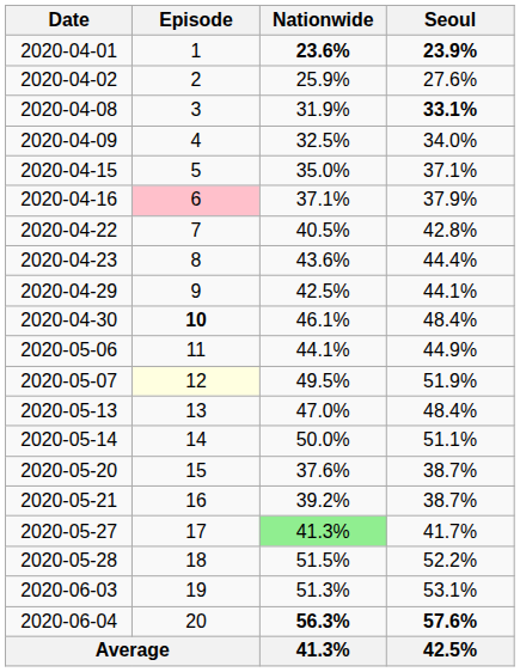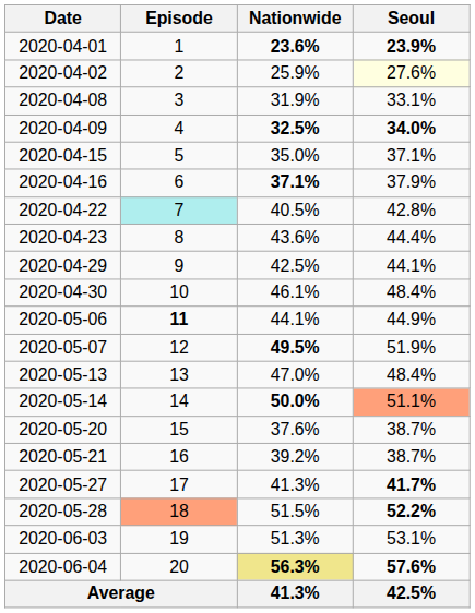 <table class="wikitable">
 <tr>
 <th width=100>Date</th>
 <th width=100>Episode</th>
 <th width=100>Nationwide</th>
 <th width=100>Seoul</th>
 </tr>
 <tr align=center>
 <td>2020-04-01</td>
 <td>1</td>
 <td><span><strong>23.6%</strong></span></td>
 <td><span><strong>23.9%</strong></span></td>
 </tr>
 <tr align=center>
 <td>2020-04-02</td>
 <td>2</td>
 <td>25.9%</td>
-<td>27.6%</td>
+<td style="background: lightyellow;">27.6%</td>
 </tr>
 <tr align=center>
 <td>2020-04-08</td>
 <td>3</td>
 <td>31.9%</td>
-<td><strong>33.1%</strong></td>
+<td>33.1%</td>
 </tr>
 <tr align=center>
 <td>2020-04-09</td>
 <td>4</td>
-<td>32.5%</td>
-<td>34.0%</td>
+<td><strong>32.5%</strong></td>
+<td><strong>34.0%</strong></td>
 </tr>
 <tr align=center>
 <td>2020-04-15</td>
 <td>5</td>
 <td>35.0%</td>
 <td>37.1%</td>
 </tr>
 <tr align=center>
 <td>2020-04-16</td>
-<td style="background: pink;">6</td>
-<td>37.1%</td>
+<td>6</td>
+<td><strong>37.1%</strong></td>
 <td>37.9%</td>
 </tr>
 <tr align=center>
 <td>2020-04-22</td>
-<td>7</td>
+<td style="background: paleturquoise;">7</td>
 <td>40.5%</td>
 <td>42.8%</td>
 </tr>
 <tr align=center>
 <td>2020-04-23</td>
 <td>8</td>
 <td>43.6%</td>
 <td>44.4%</td>
 </tr>
 <tr align=center>
 <td>2020-04-29</td>
 <td>9</td>
 <td>42.5%</td>
 <td>44.1%</td>
 </tr>
 <tr align=center>
 <td>2020-04-30</td>
-<td><strong>10</strong></td>
+<td>10</td>
 <td>46.1%</td>
 <td>48.4%</td>
 </tr>
 <tr align=center>
 <td>2020-05-06</td>
-<td>11</td>
+<td><strong>11</strong></td>
 <td>44.1%</td>
 <td>44.9%</td>
 </tr>
 <tr align=center>
 <td>2020-05-07</td>
-<td style="background: lightyellow;">12</td>
-<td>49.5%</td>
+<td>12</td>
+<td><strong>49.5%</strong></td>
 <td>51.9%</td>
 </tr>
 <tr align=center>
 <td>2020-05-13</td>
 <td>13</td>
 <td>47.0%</td>
 <td>48.4%</td>
 </tr>
 <tr align=center>
 <td>2020-05-14</td>
 <td>14</td>
-<td>50.0%</td>
-<td>51.1%</td>
+<td><strong>50.0%</strong></td>
+<td style="background: lightsalmon;">51.1%</td>
 </tr>
 <tr align=center>
 <td>2020-05-20</td>
 <td>15</td>
 <td>37.6%</td>
 <td>38.7%</td>
 </tr>
 <tr align=center>
 <td>2020-05-21</td>
 <td>16</td>
 <td>39.2%</td>
 <td>38.7%</td>
 </tr>
 <tr align=center>
 <td>2020-05-27</td>
 <td>17</td>
-<td style="background: lightgreen;">41.3%</td>
-<td>41.7%</td>
+<td>41.3%</td>
+<td><strong>41.7%</strong></td>
 </tr>
 <tr align=center>
 <td>2020-05-28</td>
-<td>18</td>
+<td style="background: lightsalmon;">18</td>
 <td>51.5%</td>
-<td>52.2%</td>
+<td><strong>52.2%</strong></td>
 </tr>
 <tr align=center>
 <td>2020-06-03</td>
 <td>19</td>
 <td>51.3%</td>
 <td>53.1%</td>
 </tr>
 <tr align=center>
 <td>2020-06-04</td>
 <td>20</td>
-<td><span><strong>56.3%</strong></span></td>
+<td style="background: khaki;"><span><strong>56.3%</strong></span></td>
 <td><span><strong>57.6%</strong></span></td>
 </tr>
 <tr align="center">
 <th colspan=2>Average</th>
 <th>41.3%</th>
 <th>42.5%</th>
 </tr>
 </table>
